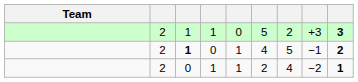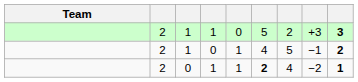 <table class="wikitable" style="text-align: center; font-size: 90%;">
 <tr>
 <th width=175>Team</th>
 <th width=25></th>
 <th width=25></th>
 <th width=25></th>
 <th width=25></th>
 <th width=25></th>
 <th width=25></th>
 <th width=25></th>
 <th width=25></th>
 </tr>
 <tr bgcolor=#ccffcc>
 <td align=left></td>
 <td>2</td>
 <td>1</td>
 <td>1</td>
 <td>0</td>
 <td>5</td>
 <td>2</td>
 <td>+3</td>
 <td><strong>3</strong></td>
 </tr>
 <tr>
 <td align=left></td>
 <td>2</td>
-<td><strong>1</strong></td>
+<td>1</td>
 <td>0</td>
 <td>1</td>
 <td>4</td>
 <td>5</td>
 <td>−1</td>
 <td><strong>2</strong></td>
 </tr>
 <tr>
 <td align=left></td>
 <td>2</td>
 <td>0</td>
 <td>1</td>
 <td>1</td>
-<td>2</td>
+<td><strong>2</strong></td>
 <td>4</td>
 <td>−2</td>
 <td><strong>1</strong></td>
 </tr>
 </table>
